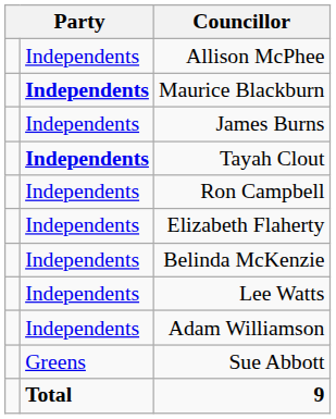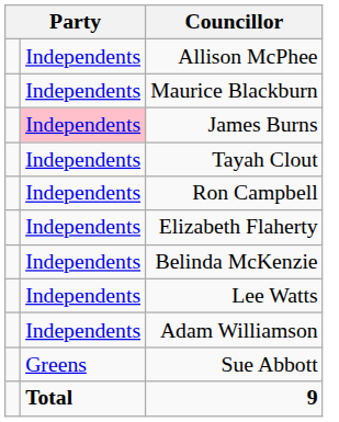 <table class="wikitable">
 <tr>
 <th colspan="2">Party</th>
 <th>Councillor</th>
 </tr>
 <tr>
 <td> </td>
 <td><a href='#'>Independents</a></td>
 <td align=right>Allison McPhee</td>
 </tr>
 <tr>
 <td> </td>
-<td><strong><a href='#'>Independents</a></strong></td>
+<td><a href='#'>Independents</a></td>
 <td align=right>Maurice Blackburn</td>
 </tr>
 <tr>
 <td> </td>
-<td><a href='#'>Independents</a></td>
+<td style="background: pink;"><a href='#'>Independents</a></td>
 <td align=right>James Burns</td>
 </tr>
 <tr>
 <td> </td>
-<td><strong><a href='#'>Independents</a></strong></td>
+<td><a href='#'>Independents</a></td>
 <td align=right>Tayah Clout</td>
 </tr>
 <tr>
 <td> </td>
 <td><a href='#'>Independents</a></td>
 <td align=right>Ron Campbell</td>
 </tr>
 <tr>
 <td> </td>
 <td><a href='#'>Independents</a></td>
 <td align=right>Elizabeth Flaherty</td>
 </tr>
 <tr>
 <td> </td>
 <td><a href='#'>Independents</a></td>
 <td align=right>Belinda McKenzie</td>
 </tr>
 <tr>
 <td> </td>
 <td><a href='#'>Independents</a></td>
 <td align=right>Lee Watts</td>
 </tr>
 <tr>
 <td> </td>
 <td><a href='#'>Independents</a></td>
 <td align=right>Adam Williamson</td>
 </tr>
 <tr>
 <td> </td>
 <td><a href='#'>Greens</a></td>
 <td align=right>Sue Abbott</td>
 </tr>
 <tr>
 <td></td>
 <td><strong>Total</strong></td>
 <td align=right><strong>9</strong></td>
 </tr>
 </table>
